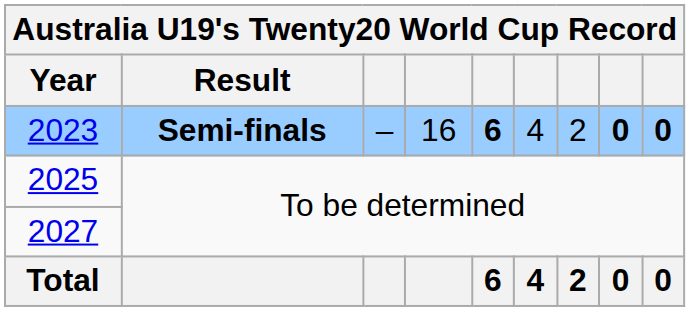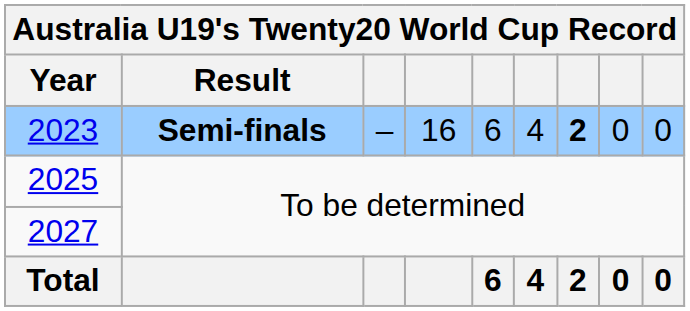 <table class="wikitable" style="text-align:center">
 <tr>
 <th colspan=9>Australia U19's Twenty20 World Cup Record</th>
 </tr>
 <tr>
 <th>Year</th>
 <th>Result</th>
 <th></th>
 <th></th>
 <th></th>
 <th></th>
 <th></th>
 <th></th>
 <th></th>
 </tr>
 <tr style="background:#9acdff;">
 <td> <a href='#'>2023</a></td>
 <td><strong>Semi-finals</strong></td>
 <td>–</td>
 <td>16</td>
-<td><strong>6</strong></td>
+<td>6</td>
 <td>4</td>
-<td>2</td>
-<td><strong>0</strong></td>
-<td><strong>0</strong></td>
+<td><strong>2</strong></td>
+<td>0</td>
+<td>0</td>
 </tr>
 <tr>
 <td> <a href='#'>2025</a></td>
 <td colspan="8" rowspan="2">To be determined</td>
 </tr>
 <tr>
 <td> <a href='#'>2027</a></td>
 </tr>
 <tr>
 <th>Total</th>
 <th></th>
 <th></th>
 <th></th>
 <th>6</th>
 <th>4</th>
 <th>2</th>
 <th>0</th>
 <th>0</th>
 </tr>
 </table>
